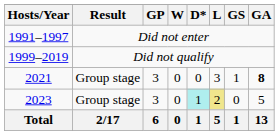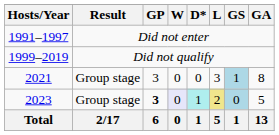 <table class="wikitable" style="text-align: center;">
 <tr>
 </tr>
 <tr>
 <th>Hosts/Year</th>
 <th>Result</th>
 <th>GP</th>
 <th>W</th>
 <th>D*</th>
 <th>L</th>
 <th>GS</th>
 <th>GA</th>
 </tr>
 <tr>
 <td><a href='#'>1991</a>–<a href='#'>1997</a></td>
 <td colspan=8 rowspan=1><em>Did not enter</em></td>
 </tr>
 <tr>
 <td><a href='#'>1999</a>–<a href='#'>2019</a></td>
 <td colspan=8 rowspan=1><em>Did not qualify</em></td>
 </tr>
 <tr>
 <td> <a href='#'>2021</a></td>
 <td>Group stage</td>
 <td>3</td>
 <td>0</td>
 <td>0</td>
 <td>3</td>
-<td>1</td>
-<td><strong>8</strong></td>
+<td style="background: lightblue;">1</td>
+<td>8</td>
 </tr>
 <tr>
 <td> <a href='#'>2023</a></td>
 <td>Group stage</td>
-<td>3</td>
-<td>0</td>
+<td><strong>3</strong></td>
+<td style="background: lavender;">0</td>
 <td style="background: paleturquoise;">1</td>
 <td style="background: khaki;">2</td>
-<td>0</td>
+<td style="background: lightblue;">0</td>
 <td>5</td>
 </tr>
 <tr>
 <th>Total</th>
 <th>2/17</th>
 <th>6</th>
 <th>0</th>
 <th>1</th>
 <th>5</th>
 <th>1</th>
 <th>13</th>
 </tr>
 </table>
